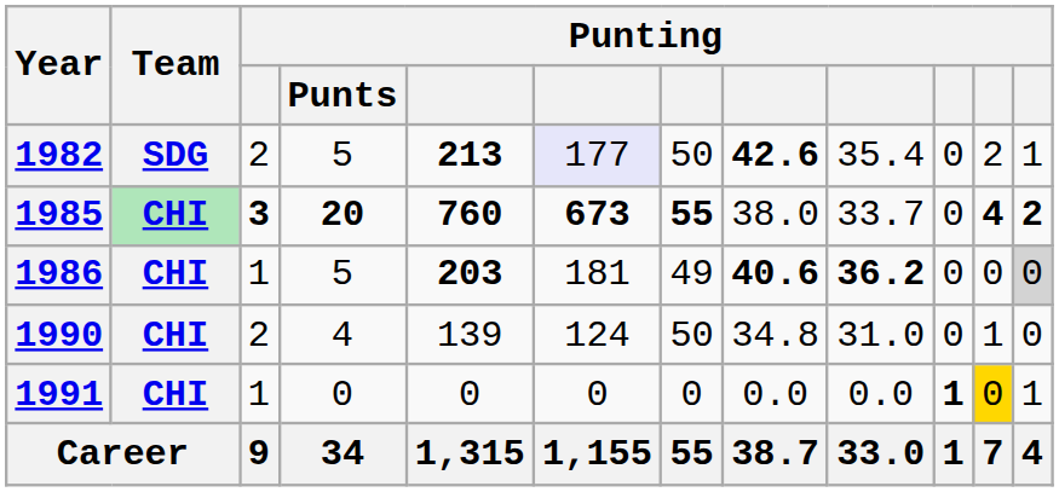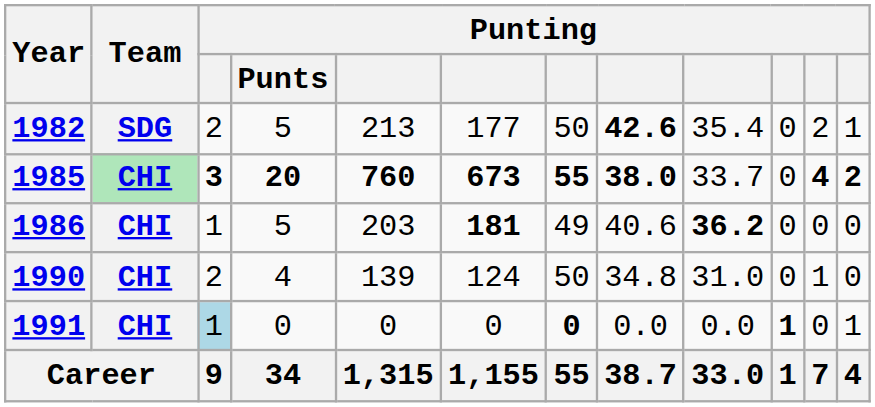 <table class=wikitable style="text-align:center;">
 <tr>
 <th rowspan="2">Year</th>
 <th rowspan="2">Team</th>
 <th colspan="10">Punting</th>
 </tr>
 <tr>
 <th></th>
 <th>Punts</th>
 <th></th>
 <th></th>
 <th></th>
 <th></th>
 <th></th>
 <th></th>
 <th></th>
 <th></th>
 </tr>
 <tr>
 <th><a href='#'>1982</a></th>
 <th><a href='#'>SDG</a></th>
 <td>2</td>
 <td>5</td>
-<td><strong>213</strong></td>
-<td style="background: lavender;">177</td>
+<td>213</td>
+<td>177</td>
 <td>50</td>
 <td><strong>42.6</strong></td>
 <td>35.4</td>
 <td>0</td>
 <td>2</td>
 <td>1</td>
 </tr>
 <tr>
 <th><a href='#'>1985</a></th>
 <th style="background:#afe6ba; width:3em;"><a href='#'>CHI</a></th>
 <td><strong>3</strong></td>
 <td><strong>20</strong></td>
 <td><strong>760</strong></td>
 <td><strong>673</strong></td>
 <td><strong>55</strong></td>
-<td>38.0</td>
+<td><strong>38.0</strong></td>
 <td>33.7</td>
 <td>0</td>
 <td><strong>4</strong></td>
 <td><strong>2</strong></td>
 </tr>
 <tr>
 <th><a href='#'>1986</a></th>
 <th><a href='#'>CHI</a></th>
 <td>1</td>
 <td>5</td>
-<td><strong>203</strong></td>
-<td>181</td>
+<td>203</td>
+<td><strong>181</strong></td>
 <td>49</td>
-<td><strong>40.6</strong></td>
+<td>40.6</td>
 <td><strong>36.2</strong></td>
 <td>0</td>
 <td>0</td>
-<td style="background: lightgrey;">0</td>
+<td>0</td>
 </tr>
 <tr>
 <th><a href='#'>1990</a></th>
 <th><a href='#'>CHI</a></th>
 <td>2</td>
 <td>4</td>
 <td>139</td>
 <td>124</td>
 <td>50</td>
 <td>34.8</td>
 <td>31.0</td>
 <td>0</td>
 <td>1</td>
 <td>0</td>
 </tr>
 <tr>
 <th><a href='#'>1991</a></th>
 <th><a href='#'>CHI</a></th>
-<td>1</td>
+<td style="background: lightblue;">1</td>
 <td>0</td>
 <td>0</td>
 <td>0</td>
-<td>0</td>
+<td><strong>0</strong></td>
 <td>0.0</td>
 <td>0.0</td>
 <td><strong>1</strong></td>
-<td style="background: gold;">0</td>
+<td>0</td>
 <td>1</td>
 </tr>
 <tr>
 <th colspan="2">Career</th>
 <th>9</th>
 <th>34</th>
 <th>1,315</th>
 <th>1,155</th>
 <th>55</th>
 <th>38.7</th>
 <th>33.0</th>
 <th>1</th>
 <th>7</th>
 <th>4</th>
 </tr>
 </table>
